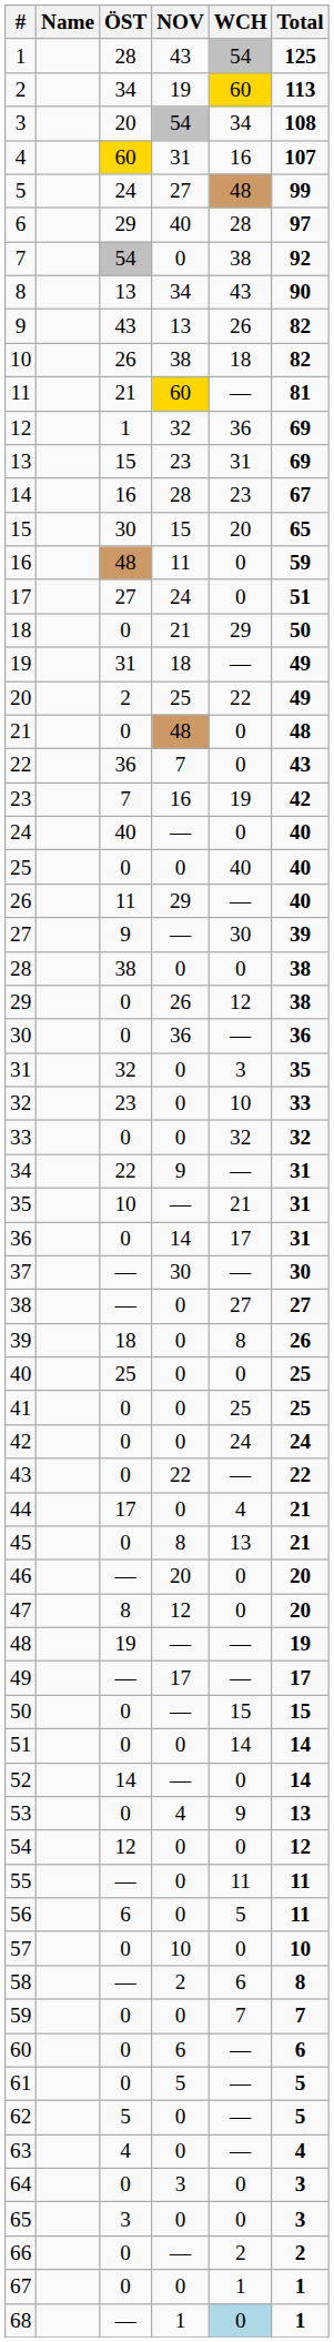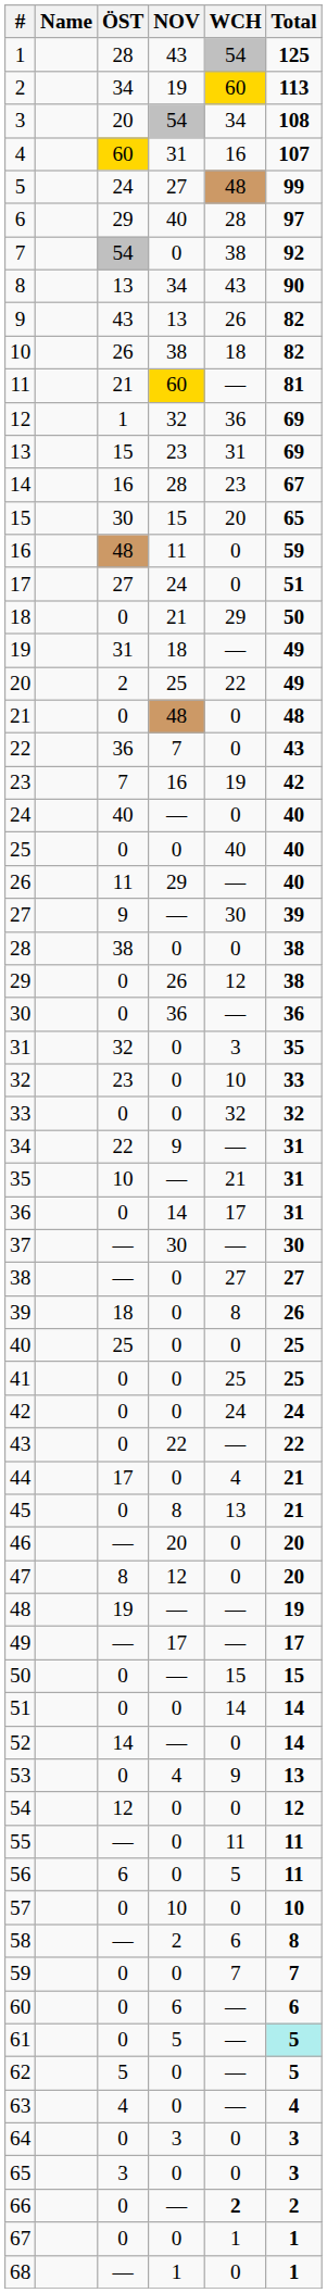 <table class="wikitable sortable" style="text-align:center;">
 <tr>
 <th>#</th>
 <th>Name</th>
 <th>ÖST</th>
 <th>NOV</th>
 <th>WCH</th>
 <th>Total</th>
 </tr>
 <tr>
 <td>1</td>
 <td align="left"></td>
 <td>28</td>
 <td>43</td>
 <td bgcolor="silver">54</td>
 <td><strong>125</strong></td>
 </tr>
 <tr>
 <td>2</td>
 <td align="left"></td>
 <td>34</td>
 <td>19</td>
 <td bgcolor="gold">60</td>
 <td><strong>113</strong></td>
 </tr>
 <tr>
 <td>3</td>
 <td align="left"></td>
 <td>20</td>
 <td bgcolor="silver">54</td>
 <td>34</td>
 <td><strong>108</strong></td>
 </tr>
 <tr>
 <td>4</td>
 <td align="left"></td>
 <td bgcolor="gold">60</td>
 <td>31</td>
 <td>16</td>
 <td><strong>107</strong></td>
 </tr>
 <tr>
 <td>5</td>
 <td align="left"></td>
 <td>24</td>
 <td>27</td>
 <td bgcolor=CC9966>48</td>
 <td><strong>99</strong></td>
 </tr>
 <tr>
 <td>6</td>
 <td align="left"></td>
 <td>29</td>
 <td>40</td>
 <td>28</td>
 <td><strong>97</strong></td>
 </tr>
 <tr>
 <td>7</td>
 <td align="left"></td>
 <td bgcolor="silver">54</td>
 <td>0</td>
 <td>38</td>
 <td><strong>92</strong></td>
 </tr>
 <tr>
 <td>8</td>
 <td align="left"></td>
 <td>13</td>
 <td>34</td>
 <td>43</td>
 <td><strong>90</strong></td>
 </tr>
 <tr>
 <td>9</td>
 <td align="left"></td>
 <td>43</td>
 <td>13</td>
 <td>26</td>
 <td><strong>82</strong></td>
 </tr>
 <tr>
 <td>10</td>
 <td align="left"></td>
 <td>26</td>
 <td>38</td>
 <td>18</td>
 <td><strong>82</strong></td>
 </tr>
 <tr>
 <td>11</td>
 <td align="left"></td>
 <td>21</td>
 <td bgcolor="gold">60</td>
 <td>—</td>
 <td><strong>81</strong></td>
 </tr>
 <tr>
 <td>12</td>
 <td align="left"></td>
 <td>1</td>
 <td>32</td>
 <td>36</td>
 <td><strong>69</strong></td>
 </tr>
 <tr>
 <td>13</td>
 <td align="left"></td>
 <td>15</td>
 <td>23</td>
 <td>31</td>
 <td><strong>69</strong></td>
 </tr>
 <tr>
 <td>14</td>
 <td align="left"></td>
 <td>16</td>
 <td>28</td>
 <td>23</td>
 <td><strong>67</strong></td>
 </tr>
 <tr>
 <td>15</td>
 <td align="left"></td>
 <td>30</td>
 <td>15</td>
 <td>20</td>
 <td><strong>65</strong></td>
 </tr>
 <tr>
 <td>16</td>
 <td align="left"></td>
 <td bgcolor=CC9966>48</td>
 <td>11</td>
 <td>0</td>
 <td><strong>59</strong></td>
 </tr>
 <tr>
 <td>17</td>
 <td align="left"></td>
 <td>27</td>
 <td>24</td>
 <td>0</td>
 <td><strong>51</strong></td>
 </tr>
 <tr>
 <td>18</td>
 <td align="left"></td>
 <td>0</td>
 <td>21</td>
 <td>29</td>
 <td><strong>50</strong></td>
 </tr>
 <tr>
 <td>19</td>
 <td align="left"></td>
 <td>31</td>
 <td>18</td>
 <td>—</td>
 <td><strong>49</strong></td>
 </tr>
 <tr>
 <td>20</td>
 <td align="left"></td>
 <td>2</td>
 <td>25</td>
 <td>22</td>
 <td><strong>49</strong></td>
 </tr>
 <tr>
 <td>21</td>
 <td align="left"></td>
 <td>0</td>
 <td bgcolor=CC9966>48</td>
 <td>0</td>
 <td><strong>48</strong></td>
 </tr>
 <tr>
 <td>22</td>
 <td align="left"></td>
 <td>36</td>
 <td>7</td>
 <td>0</td>
 <td><strong>43</strong></td>
 </tr>
 <tr>
 <td>23</td>
 <td align="left"></td>
 <td>7</td>
 <td>16</td>
 <td>19</td>
 <td><strong>42</strong></td>
 </tr>
 <tr>
 <td>24</td>
 <td align="left"></td>
 <td>40</td>
 <td>—</td>
 <td>0</td>
 <td><strong>40</strong></td>
 </tr>
 <tr>
 <td>25</td>
 <td align="left"></td>
 <td>0</td>
 <td>0</td>
 <td>40</td>
 <td><strong>40</strong></td>
 </tr>
 <tr>
 <td>26</td>
 <td align="left"></td>
 <td>11</td>
 <td>29</td>
 <td>—</td>
 <td><strong>40</strong></td>
 </tr>
 <tr>
 <td>27</td>
 <td align="left"></td>
 <td>9</td>
 <td>—</td>
 <td>30</td>
 <td><strong>39</strong></td>
 </tr>
 <tr>
 <td>28</td>
 <td align="left"></td>
 <td>38</td>
 <td>0</td>
 <td>0</td>
 <td><strong>38</strong></td>
 </tr>
 <tr>
 <td>29</td>
 <td align="left"></td>
 <td>0</td>
 <td>26</td>
 <td>12</td>
 <td><strong>38</strong></td>
 </tr>
 <tr>
 <td>30</td>
 <td align="left"></td>
 <td>0</td>
 <td>36</td>
 <td>—</td>
 <td><strong>36</strong></td>
 </tr>
 <tr>
 <td>31</td>
 <td align="left"></td>
 <td>32</td>
 <td>0</td>
 <td>3</td>
 <td><strong>35</strong></td>
 </tr>
 <tr>
 <td>32</td>
 <td align="left"></td>
 <td>23</td>
 <td>0</td>
 <td>10</td>
 <td><strong>33</strong></td>
 </tr>
 <tr>
 <td>33</td>
 <td align="left"></td>
 <td>0</td>
 <td>0</td>
 <td>32</td>
 <td><strong>32</strong></td>
 </tr>
 <tr>
 <td>34</td>
 <td align="left"></td>
 <td>22</td>
 <td>9</td>
 <td>—</td>
 <td><strong>31</strong></td>
 </tr>
 <tr>
 <td>35</td>
 <td align="left"></td>
 <td>10</td>
 <td>—</td>
 <td>21</td>
 <td><strong>31</strong></td>
 </tr>
 <tr>
 <td>36</td>
 <td align="left"></td>
 <td>0</td>
 <td>14</td>
 <td>17</td>
 <td><strong>31</strong></td>
 </tr>
 <tr>
 <td>37</td>
 <td align="left"></td>
 <td>—</td>
 <td>30</td>
 <td>—</td>
 <td><strong>30</strong></td>
 </tr>
 <tr>
 <td>38</td>
 <td align="left"></td>
 <td>—</td>
 <td>0</td>
 <td>27</td>
 <td><strong>27</strong></td>
 </tr>
 <tr>
 <td>39</td>
 <td align="left"></td>
 <td>18</td>
 <td>0</td>
 <td>8</td>
 <td><strong>26</strong></td>
 </tr>
 <tr>
 <td>40</td>
 <td align="left"></td>
 <td>25</td>
 <td>0</td>
 <td>0</td>
 <td><strong>25</strong></td>
 </tr>
 <tr>
 <td>41</td>
 <td align="left"></td>
 <td>0</td>
 <td>0</td>
 <td>25</td>
 <td><strong>25</strong></td>
 </tr>
 <tr>
 <td>42</td>
 <td align="left"></td>
 <td>0</td>
 <td>0</td>
 <td>24</td>
 <td><strong>24</strong></td>
 </tr>
 <tr>
 <td>43</td>
 <td align="left"></td>
 <td>0</td>
 <td>22</td>
 <td>—</td>
 <td><strong>22</strong></td>
 </tr>
 <tr>
 <td>44</td>
 <td align="left"></td>
 <td>17</td>
 <td>0</td>
 <td>4</td>
 <td><strong>21</strong></td>
 </tr>
 <tr>
 <td>45</td>
 <td align="left"></td>
 <td>0</td>
 <td>8</td>
 <td>13</td>
 <td><strong>21</strong></td>
 </tr>
 <tr>
 <td>46</td>
 <td align="left"></td>
 <td>—</td>
 <td>20</td>
 <td>0</td>
 <td><strong>20</strong></td>
 </tr>
 <tr>
 <td>47</td>
 <td align="left"></td>
 <td>8</td>
 <td>12</td>
 <td>0</td>
 <td><strong>20</strong></td>
 </tr>
 <tr>
 <td>48</td>
 <td align="left"></td>
 <td>19</td>
 <td>—</td>
 <td>—</td>
 <td><strong>19</strong></td>
 </tr>
 <tr>
 <td>49</td>
 <td align="left"></td>
 <td>—</td>
 <td>17</td>
 <td>—</td>
 <td><strong>17</strong></td>
 </tr>
 <tr>
 <td>50</td>
 <td align="left"></td>
 <td>0</td>
 <td>—</td>
 <td>15</td>
 <td><strong>15</strong></td>
 </tr>
 <tr>
 <td>51</td>
 <td align="left"></td>
 <td>0</td>
 <td>0</td>
 <td>14</td>
 <td><strong>14</strong></td>
 </tr>
 <tr>
 <td>52</td>
 <td align="left"></td>
 <td>14</td>
 <td>—</td>
 <td>0</td>
 <td><strong>14</strong></td>
 </tr>
 <tr>
 <td>53</td>
 <td align="left"></td>
 <td>0</td>
 <td>4</td>
 <td>9</td>
 <td><strong>13</strong></td>
 </tr>
 <tr>
 <td>54</td>
 <td align="left"></td>
 <td>12</td>
 <td>0</td>
 <td>0</td>
 <td><strong>12</strong></td>
 </tr>
 <tr>
 <td>55</td>
 <td align="left"></td>
 <td>—</td>
 <td>0</td>
 <td>11</td>
 <td><strong>11</strong></td>
 </tr>
 <tr>
 <td>56</td>
 <td align="left"></td>
 <td>6</td>
 <td>0</td>
 <td>5</td>
 <td><strong>11</strong></td>
 </tr>
 <tr>
 <td>57</td>
 <td align="left"></td>
 <td>0</td>
 <td>10</td>
 <td>0</td>
 <td><strong>10</strong></td>
 </tr>
 <tr>
 <td>58</td>
 <td align="left"></td>
 <td>—</td>
 <td>2</td>
 <td>6</td>
 <td><strong>8</strong></td>
 </tr>
 <tr>
 <td>59</td>
 <td align="left"></td>
 <td>0</td>
 <td>0</td>
 <td>7</td>
 <td><strong>7</strong></td>
 </tr>
 <tr>
 <td>60</td>
 <td align="left"></td>
 <td>0</td>
 <td>6</td>
 <td>—</td>
 <td><strong>6</strong></td>
 </tr>
 <tr>
 <td>61</td>
 <td align="left"></td>
 <td>0</td>
 <td>5</td>
 <td>—</td>
-<td><strong>5</strong></td>
+<td style="background: paleturquoise;"><strong>5</strong></td>
 </tr>
 <tr>
 <td>62</td>
 <td align="left"></td>
 <td>5</td>
 <td>0</td>
 <td>—</td>
 <td><strong>5</strong></td>
 </tr>
 <tr>
 <td>63</td>
 <td align="left"></td>
 <td>4</td>
 <td>0</td>
 <td>—</td>
 <td><strong>4</strong></td>
 </tr>
 <tr>
 <td>64</td>
 <td align="left"></td>
 <td>0</td>
 <td>3</td>
 <td>0</td>
 <td><strong>3</strong></td>
 </tr>
 <tr>
 <td>65</td>
 <td align="left"></td>
 <td>3</td>
 <td>0</td>
 <td>0</td>
 <td><strong>3</strong></td>
 </tr>
 <tr>
 <td>66</td>
 <td align="left"></td>
 <td>0</td>
 <td>—</td>
-<td>2</td>
+<td><strong>2</strong></td>
 <td><strong>2</strong></td>
 </tr>
 <tr>
 <td>67</td>
 <td align="left"></td>
 <td>0</td>
 <td>0</td>
 <td>1</td>
 <td><strong>1</strong></td>
 </tr>
 <tr>
 <td>68</td>
 <td align="left"></td>
 <td>—</td>
 <td>1</td>
-<td style="background: lightblue;">0</td>
+<td>0</td>
 <td><strong>1</strong></td>
 </tr>
 </table>
